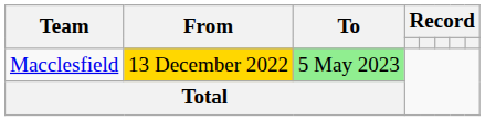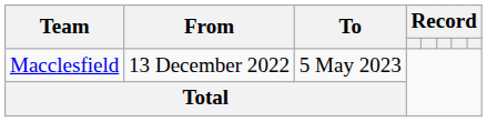 <table class="wikitable" style="text-align:center">
 <tr>
 <th rowspan="2">Team</th>
 <th rowspan="2">From</th>
 <th rowspan="2">To</th>
 <th colspan="5">Record</th>
 </tr>
 <tr>
 <th></th>
 <th></th>
 <th></th>
 <th></th>
 <th></th>
 </tr>
 <tr>
 <td align="left"><a href='#'>Macclesfield</a></td>
-<td align="left" style="background: gold;">13 December 2022</td>
-<td align="left" style="background: lightgreen;">5 May 2023<br></td>
+<td align="left">13 December 2022</td>
+<td align="left">5 May 2023<br></td>
 </tr>
 <tr>
 <th colspan="3">Total<br></th>
 </tr>
 </table>
